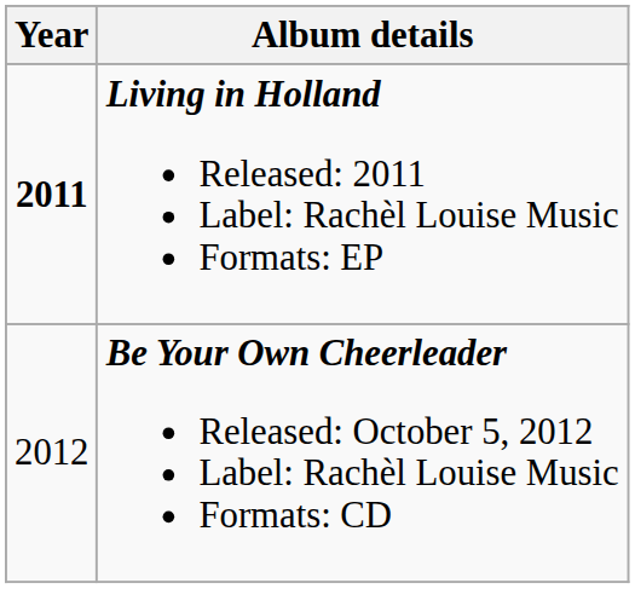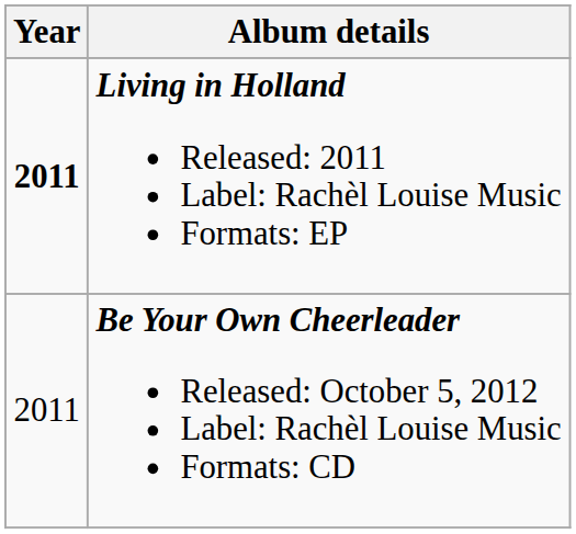 <table class="wikitable" style=text-align:center;>
 <tr>
 <th>Year</th>
 <th>Album details</th>
 </tr>
 <tr>
 <td><strong>2011</strong></td>
 <td align="left"><strong><em>Living in Holland</em></strong><br><ul><li>Released: 2011</li><li>Label: Rachèl Louise Music</li><li>Formats: EP</li></ul></td>
 </tr>
 <tr>
-<td>2012</td>
+<td>2011</td>
 <td align="left"><strong><em>Be Your Own Cheerleader</em></strong><br><ul><li>Released: October 5, 2012</li><li>Label: Rachèl Louise Music</li><li>Formats: CD</li></ul></td>
 </tr>
 </table>
